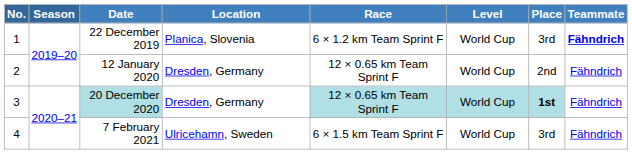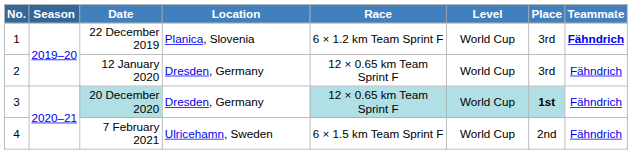 <table class="wikitable sortable" style="font-size:95%; text-align:center; border:grey solid 1px; border-collapse:collapse; background:#ffffff;">
 <tr style="background:#efefef;">
 <th style="background-color:#369; color:white;">No.</th>
 <th style="background-color:#369; color:white;">Season</th>
 <th style="background-color:#4180be; color:white; width:100px;">Date</th>
 <th style="background-color:#4180be; color:white; width:185px;">Location</th>
 <th style="background-color:#4180be; color:white; width:170px;">Race</th>
 <th style="background-color:#4180be; color:white; width:100px;">Level</th>
 <th style="background-color:#4180be; color:white;">Place</th>
 <th style="background-color:#4180be; color:white;">Teammate</th>
 </tr>
 <tr>
 <td align=center>1</td>
 <td rowspan=2 align=center><a href='#'>2019–20</a></td>
 <td align=right>22 December 2019</td>
 <td align=left> <a href='#'>Planica</a>, Slovenia</td>
 <td>6 × 1.2 km Team Sprint F</td>
 <td>World Cup</td>
 <td>3rd</td>
 <td><strong><a href='#'>Fähndrich</a></strong></td>
 </tr>
 <tr>
 <td align=center>2</td>
 <td align=right>12 January 2020</td>
 <td align=left> <a href='#'>Dresden</a>, Germany</td>
 <td>12 × 0.65 km Team Sprint F</td>
 <td>World Cup</td>
-<td>2nd</td>
+<td>3rd</td>
 <td><a href='#'>Fähndrich</a></td>
 </tr>
 <tr>
 <td align=center>3</td>
 <td rowspan=2 align=center><a href='#'>2020–21</a></td>
 <td bgcolor="#BOEOE6" align=right>20 December 2020</td>
 <td align=left> <a href='#'>Dresden</a>, Germany</td>
 <td bgcolor="#BOEOE6">12 × 0.65 km Team Sprint F</td>
 <td bgcolor="#BOEOE6">World Cup</td>
 <td bgcolor="#BOEOE6"><strong>1st</strong></td>
 <td><a href='#'>Fähndrich</a></td>
 </tr>
 <tr>
 <td align=center>4</td>
 <td align=right>7 February 2021</td>
 <td align=left> <a href='#'>Ulricehamn</a>, Sweden</td>
 <td>6 × 1.5 km Team Sprint F</td>
 <td>World Cup</td>
-<td>3rd</td>
+<td>2nd</td>
 <td><a href='#'>Fähndrich</a></td>
 </tr>
 </table>
